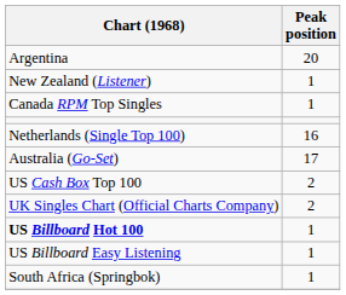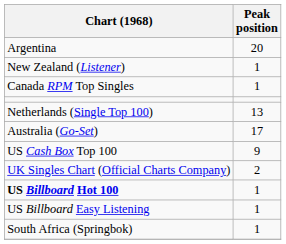 <table class="wikitable sortable">
 <tr>
 <th>Chart (1968)</th>
 <th>Peak<br>position</th>
 </tr>
 <tr>
 <td>Argentina</td>
 <td style="text-align:center;">20</td>
 </tr>
 <tr>
 <td>New Zealand (<em><a href='#'>Listener</a></em>)</td>
 <td style="text-align:center;">1</td>
 </tr>
 <tr>
 <td>Canada <em><a href='#'>RPM</a></em> Top Singles</td>
 <td style="text-align:center;">1</td>
 </tr>
 <tr>
 <td></td>
 </tr>
 <tr>
 <td>Netherlands (<a href='#'>Single Top 100</a>)</td>
-<td align="center">16</td>
+<td align="center">13</td>
 </tr>
 <tr>
 <td>Australia (<em><a href='#'>Go-Set</a></em>)</td>
 <td style="text-align:center;">17</td>
 </tr>
 <tr>
 <td>US <em><a href='#'>Cash Box</a></em> Top 100</td>
-<td align="center">2</td>
+<td align="center">9</td>
 </tr>
 <tr>
 <td><a href='#'>UK Singles Chart</a> (<a href='#'>Official Charts Company</a>)</td>
 <td style="text-align:center;">2</td>
 </tr>
 <tr>
 <td><strong>US <em><a href='#'>Billboard</a></em> <a href='#'>Hot 100</a></strong></td>
 <td style="text-align:center;">1</td>
 </tr>
 <tr>
 <td>US <em>Billboard</em> <a href='#'>Easy Listening</a></td>
 <td style="text-align:center;">1</td>
 </tr>
 <tr>
 <td>South Africa (Springbok)</td>
 <td style="text-align:center;">1</td>
 </tr>
 <tr>
 </tr>
 </table>
